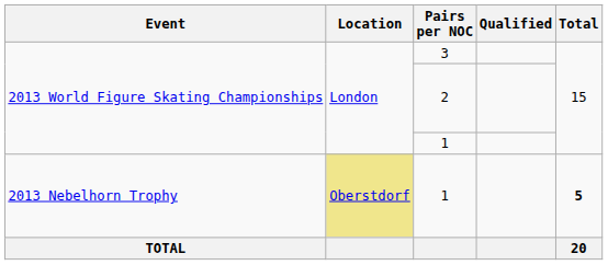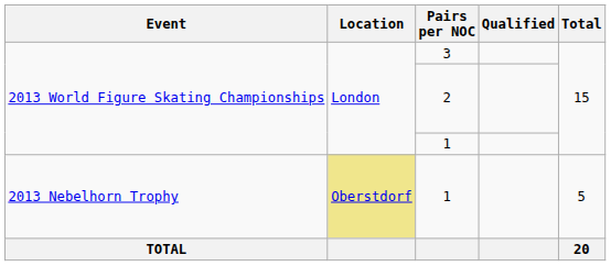 <table class="wikitable">
 <tr>
 <th>Event</th>
 <th>Location</th>
 <th>Pairs <br> per NOC</th>
 <th>Qualified</th>
 <th>Total</th>
 </tr>
 <tr>
 <td rowspan = 3><a href='#'>2013 World Figure Skating Championships</a></td>
 <td rowspan = 3> <a href='#'>London</a></td>
 <td align="center">3</td>
 <td><br></td>
 <td rowspan = 3 align="center">15</td>
 </tr>
 <tr>
 <td align="center">2</td>
 <td><br><br><s></s><br><br></td>
 </tr>
 <tr>
 <td align="center">1</td>
 <td></td>
 </tr>
 <tr>
 <td><a href='#'>2013 Nebelhorn Trophy</a></td>
 <td style="background: khaki;"> <a href='#'>Oberstdorf</a></td>
 <td align="center">1</td>
 <td><br><br><s></s><br><br><br></td>
-<td rowspan = 1 align="center"><strong>5</strong></td>
+<td rowspan = 1 align="center">5</td>
 </tr>
 <tr>
 <th>TOTAL</th>
 <th></th>
 <th></th>
 <th></th>
 <th>20</th>
 </tr>
 </table>
